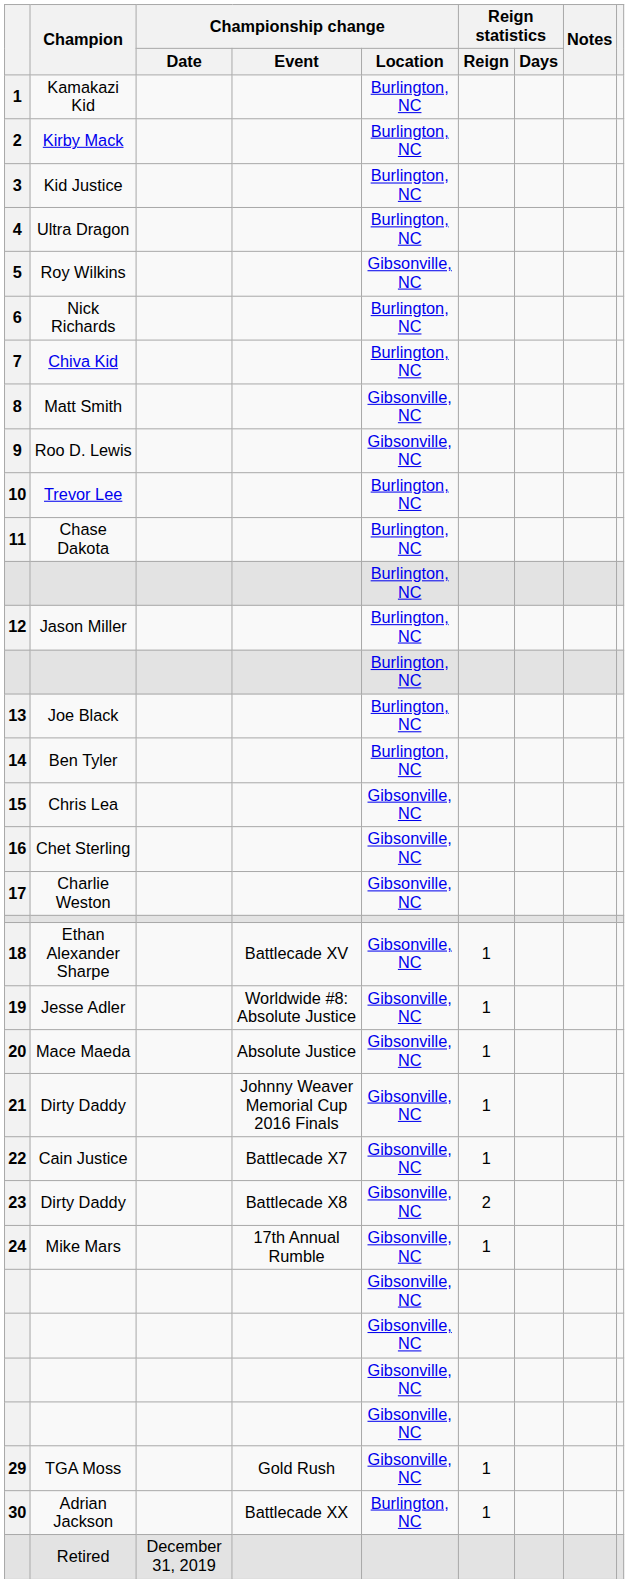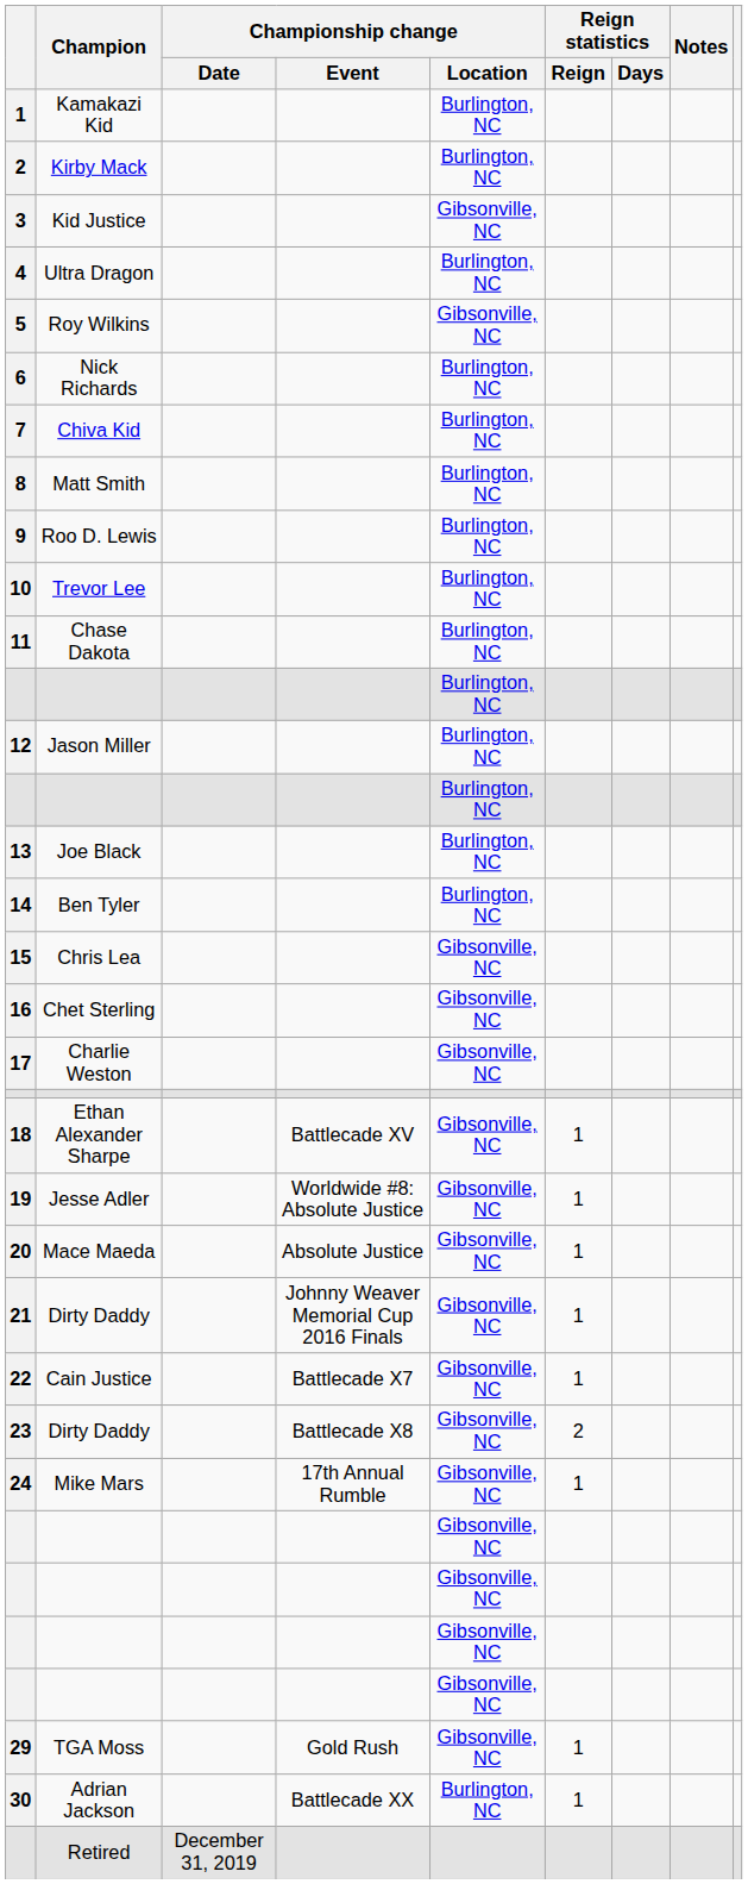 <table class="wikitable sortable" style="text-align: center">
 <tr>
 <th rowspan=2></th>
 <th rowspan=2>Champion</th>
 <th colspan=3>Championship change</th>
 <th colspan=2>Reign statistics</th>
 <th rowspan=2>Notes</th>
 <th rowspan=2></th>
 </tr>
 <tr>
 <th>Date</th>
 <th>Event</th>
 <th>Location</th>
 <th>Reign</th>
 <th>Days</th>
 </tr>
 <tr>
 <th>1</th>
 <td>Kamakazi Kid</td>
 <td></td>
 <td></td>
 <td><a href='#'>Burlington, NC</a></td>
 <td></td>
 <td></td>
 <td align="left"></td>
 <td></td>
 </tr>
 <tr>
 <th>2</th>
 <td><a href='#'>Kirby Mack</a></td>
 <td></td>
 <td></td>
 <td><a href='#'>Burlington, NC</a></td>
 <td></td>
 <td></td>
 <td align="left"></td>
 <td></td>
 </tr>
 <tr>
 <th>3</th>
 <td>Kid Justice</td>
 <td></td>
 <td></td>
-<td><a href='#'>Burlington, NC</a></td>
+<td><a href='#'>Gibsonville, NC</a></td>
 <td></td>
 <td></td>
 <td align="left"></td>
 <td></td>
 </tr>
 <tr>
 <th>4</th>
 <td>Ultra Dragon</td>
 <td></td>
 <td></td>
 <td><a href='#'>Burlington, NC</a></td>
 <td></td>
 <td></td>
 <td align="left"></td>
 <td></td>
 </tr>
 <tr>
 <th>5</th>
 <td>Roy Wilkins</td>
 <td></td>
 <td></td>
 <td><a href='#'>Gibsonville, NC</a></td>
 <td></td>
 <td></td>
 <td align="left"></td>
 <td></td>
 </tr>
 <tr>
 <th>6</th>
 <td>Nick Richards</td>
 <td></td>
 <td></td>
 <td><a href='#'>Burlington, NC</a></td>
 <td></td>
 <td></td>
 <td align="left"></td>
 <td></td>
 </tr>
 <tr>
 <th>7</th>
 <td><a href='#'>Chiva Kid</a></td>
 <td></td>
 <td></td>
 <td><a href='#'>Burlington, NC</a></td>
 <td></td>
 <td></td>
 <td align="left"></td>
 <td></td>
 </tr>
 <tr>
 <th>8</th>
 <td>Matt Smith</td>
 <td></td>
 <td></td>
-<td><a href='#'>Gibsonville, NC</a></td>
+<td><a href='#'>Burlington, NC</a></td>
 <td></td>
 <td></td>
 <td></td>
 <td></td>
 </tr>
 <tr>
 <th>9</th>
 <td>Roo D. Lewis</td>
 <td></td>
 <td></td>
-<td><a href='#'>Gibsonville, NC</a></td>
+<td><a href='#'>Burlington, NC</a></td>
 <td></td>
 <td></td>
 <td align="left"></td>
 <td></td>
 </tr>
 <tr>
 <th>10</th>
 <td><a href='#'>Trevor Lee</a></td>
 <td></td>
 <td></td>
 <td><a href='#'>Burlington, NC</a></td>
 <td></td>
 <td></td>
 <td></td>
 <td></td>
 </tr>
 <tr>
 <th>11</th>
 <td>Chase Dakota</td>
 <td></td>
 <td></td>
 <td><a href='#'>Burlington, NC</a></td>
 <td></td>
 <td></td>
 <td></td>
 <td></td>
 </tr>
 <tr style="background:#e3e3e3">
 <td></td>
 <td></td>
 <td></td>
 <td></td>
 <td><a href='#'>Burlington, NC</a></td>
 <td></td>
 <td></td>
 <td align="left"></td>
 <td></td>
 </tr>
 <tr>
 <th>12</th>
 <td>Jason Miller</td>
 <td></td>
 <td></td>
 <td><a href='#'>Burlington, NC</a></td>
 <td></td>
 <td></td>
 <td align="left"></td>
 <td></td>
 </tr>
 <tr style="background:#e3e3e3">
 <td></td>
 <td></td>
 <td></td>
 <td></td>
 <td><a href='#'>Burlington, NC</a></td>
 <td></td>
 <td></td>
 <td align="left"></td>
 <td></td>
 </tr>
 <tr>
 <th>13</th>
 <td>Joe Black</td>
 <td></td>
 <td></td>
 <td><a href='#'>Burlington, NC</a></td>
 <td></td>
 <td></td>
 <td align="left"></td>
 <td></td>
 </tr>
 <tr>
 <th>14</th>
 <td>Ben Tyler</td>
 <td></td>
 <td></td>
 <td><a href='#'>Burlington, NC</a></td>
 <td></td>
 <td></td>
 <td></td>
 <td></td>
 </tr>
 <tr>
 <th>15</th>
 <td>Chris Lea</td>
 <td></td>
 <td></td>
 <td><a href='#'>Gibsonville, NC</a></td>
 <td></td>
 <td></td>
 <td></td>
 <td></td>
 </tr>
 <tr>
 <th>16</th>
 <td>Chet Sterling</td>
 <td></td>
 <td></td>
 <td><a href='#'>Gibsonville, NC</a></td>
 <td></td>
 <td></td>
 <td></td>
 <td></td>
 </tr>
 <tr>
 <th>17</th>
 <td>Charlie Weston</td>
 <td></td>
 <td></td>
 <td><a href='#'>Gibsonville, NC</a></td>
 <td></td>
 <td></td>
 <td></td>
 <td></td>
 </tr>
 <tr style="background:#e3e3e3">
 <td></td>
 <td></td>
 <td></td>
 <td></td>
 <td></td>
 <td></td>
 <td></td>
 <td></td>
 <td></td>
 </tr>
 <tr>
 <th>18</th>
 <td>Ethan Alexander Sharpe</td>
 <td></td>
 <td>Battlecade XV</td>
 <td><a href='#'>Gibsonville, NC</a></td>
 <td>1</td>
 <td></td>
 <td align="left"></td>
 <td></td>
 </tr>
 <tr>
 <th>19</th>
 <td>Jesse Adler</td>
 <td></td>
 <td>Worldwide #8: Absolute Justice</td>
 <td><a href='#'>Gibsonville, NC</a></td>
 <td>1</td>
 <td></td>
 <td></td>
 <td></td>
 </tr>
 <tr>
 <th>20</th>
 <td>Mace Maeda</td>
 <td></td>
 <td>Absolute Justice</td>
 <td><a href='#'>Gibsonville, NC</a></td>
 <td>1</td>
 <td></td>
 <td></td>
 <td></td>
 </tr>
 <tr>
 <th>21</th>
 <td>Dirty Daddy</td>
 <td></td>
 <td>Johnny Weaver Memorial Cup 2016 Finals</td>
 <td><a href='#'>Gibsonville, NC</a></td>
 <td>1</td>
 <td></td>
 <td></td>
 <td></td>
 </tr>
 <tr>
 <th>22</th>
 <td>Cain Justice</td>
 <td></td>
 <td>Battlecade X7</td>
 <td><a href='#'>Gibsonville, NC</a></td>
 <td>1</td>
 <td></td>
 <td></td>
 <td></td>
 </tr>
 <tr>
 <th>23</th>
 <td>Dirty Daddy</td>
 <td></td>
 <td>Battlecade X8</td>
 <td><a href='#'>Gibsonville, NC</a></td>
 <td>2</td>
 <td></td>
 <td></td>
 <td></td>
 </tr>
 <tr>
 <th>24</th>
 <td>Mike Mars</td>
 <td></td>
 <td>17th Annual Rumble</td>
 <td><a href='#'>Gibsonville, NC</a></td>
 <td>1</td>
 <td></td>
 <td></td>
 <td></td>
 </tr>
 <tr>
 <th></th>
 <td></td>
 <td></td>
 <td></td>
 <td><a href='#'>Gibsonville, NC</a></td>
 <td></td>
 <td></td>
 <td></td>
 <td></td>
 </tr>
 <tr>
 <th></th>
 <td></td>
 <td></td>
 <td></td>
 <td><a href='#'>Gibsonville, NC</a></td>
 <td></td>
 <td></td>
 <td></td>
 <td></td>
 </tr>
 <tr>
 <th></th>
 <td></td>
 <td></td>
 <td></td>
 <td><a href='#'>Gibsonville, NC</a></td>
 <td></td>
 <td></td>
 <td align="left"></td>
 <td></td>
 </tr>
 <tr>
 <th></th>
 <td></td>
 <td></td>
 <td></td>
 <td><a href='#'>Gibsonville, NC</a></td>
 <td></td>
 <td></td>
 <td align="left"></td>
 <td></td>
 </tr>
 <tr>
 <th>29</th>
 <td>TGA Moss</td>
 <td></td>
 <td>Gold Rush</td>
 <td><a href='#'>Gibsonville, NC</a></td>
 <td>1</td>
 <td></td>
 <td></td>
 <td></td>
 </tr>
 <tr>
 <th>30</th>
 <td>Adrian Jackson</td>
 <td></td>
 <td>Battlecade XX</td>
 <td><a href='#'>Burlington, NC</a></td>
 <td>1</td>
 <td></td>
 <td></td>
 <td></td>
 </tr>
 <tr style="background:#e3e3e3">
 <td></td>
 <td>Retired</td>
 <td>December 31, 2019</td>
 <td></td>
 <td></td>
 <td></td>
 <td></td>
 <td></td>
 <td></td>
 </tr>
 </table>
